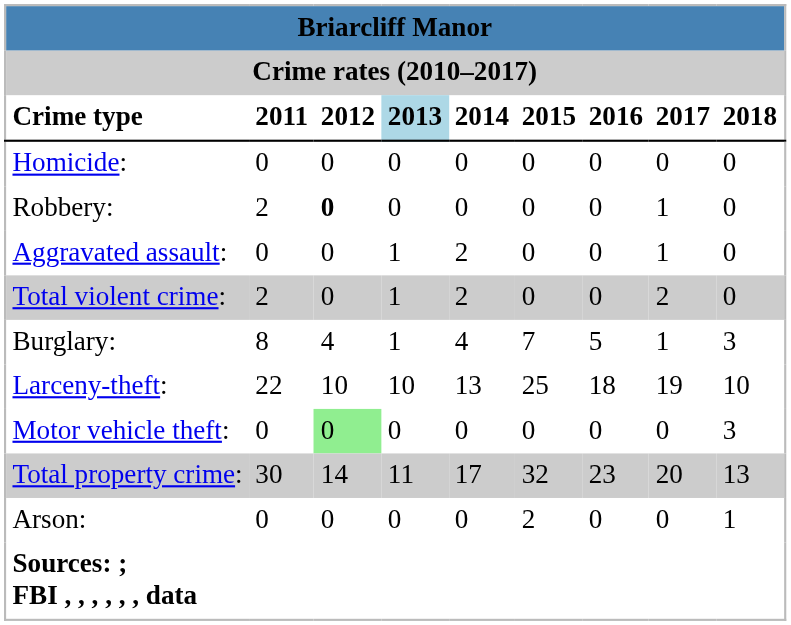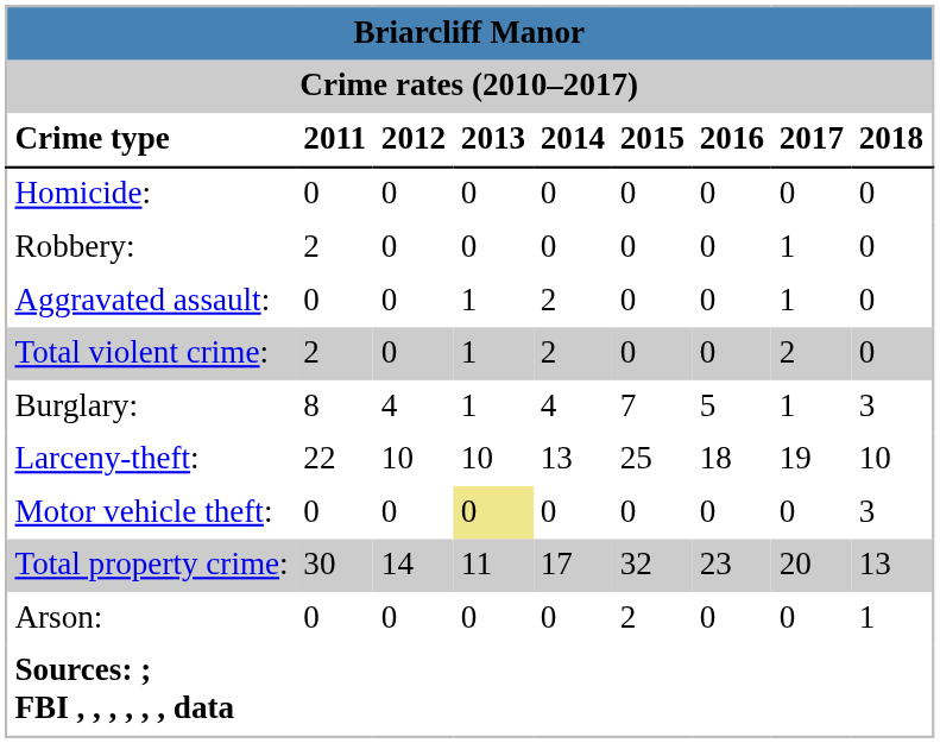 <table class="floatright" cellpadding="3" style="margin:1 1em 1em 0; border:1px #bbb solid; border-collapse:collapse; font-size:80%;">
 <tr style="text-align:center; background:steelblue; white-space: nowrap;">
 <th colspan=9><span><strong>Briarcliff Manor</strong></span></th>
 </tr>
 <tr style="text-align:center; background:#ccc;">
 <th colspan=9><span>Crime rates (2010–2017)</span></th>
 </tr>
 <tr style="text-align:center;border-bottom:solid 1px;margin-bottom:.2em;width:66%;text-align:left;color:black;font-weight:bold;">
 <td>Crime type</td>
 <td>2011</td>
 <td>2012</td>
-<td style="background: lightblue;">2013</td>
+<td>2013</td>
 <td>2014</td>
 <td>2015</td>
 <td>2016</td>
 <td>2017</td>
 <td>2018</td>
 </tr>
 <tr align=left>
 <td><a href='#'>Homicide</a>:</td>
 <td>0</td>
 <td>0</td>
 <td>0</td>
 <td>0</td>
 <td>0</td>
 <td>0</td>
 <td>0</td>
 <td>0</td>
 </tr>
 <tr align=left>
 <td>Robbery:</td>
 <td>2</td>
-<td><strong>0</strong></td>
+<td>0</td>
 <td>0</td>
 <td>0</td>
 <td>0</td>
 <td>0</td>
 <td>1</td>
 <td>0</td>
 </tr>
 <tr align=left>
 <td><a href='#'>Aggravated assault</a>:</td>
 <td>0</td>
 <td>0</td>
 <td>1</td>
 <td>2</td>
 <td>0</td>
 <td>0</td>
 <td>1</td>
 <td>0</td>
 </tr>
 <tr style="text-align:left; background:#ccc;">
 <td><a href='#'>Total violent crime</a>:</td>
 <td>2</td>
 <td>0</td>
 <td>1</td>
 <td>2</td>
 <td>0</td>
 <td>0</td>
 <td>2</td>
 <td>0</td>
 </tr>
 <tr align=left>
 <td>Burglary:</td>
 <td>8</td>
 <td>4</td>
 <td>1</td>
 <td>4</td>
 <td>7</td>
 <td>5</td>
 <td>1</td>
 <td>3</td>
 </tr>
 <tr align=left>
 <td><a href='#'>Larceny-theft</a>:</td>
 <td>22</td>
 <td>10</td>
 <td>10</td>
 <td>13</td>
 <td>25</td>
 <td>18</td>
 <td>19</td>
 <td>10</td>
 </tr>
 <tr align=left>
 <td><a href='#'>Motor vehicle theft</a>:</td>
 <td>0</td>
-<td style="background: lightgreen;">0</td>
 <td>0</td>
+<td style="background: khaki;">0</td>
 <td>0</td>
 <td>0</td>
 <td>0</td>
 <td>0</td>
 <td>3</td>
 </tr>
 <tr style="text-align:left; background:#ccc;">
 <td><a href='#'>Total property crime</a>:</td>
 <td>30</td>
 <td>14</td>
 <td>11</td>
 <td>17</td>
 <td>32</td>
 <td>23</td>
 <td>20</td>
 <td>13</td>
 </tr>
 <tr align=left>
 <td>Arson:</td>
 <td>0</td>
 <td>0</td>
 <td>0</td>
 <td>0</td>
 <td>2</td>
 <td>0</td>
 <td>0</td>
 <td>1</td>
 </tr>
 <tr align=left>
 <th colspan=10><span><strong>Sources</strong>: <em></em>;<br>FBI , , , , , ,  data</span></th>
 </tr>
 </table>
